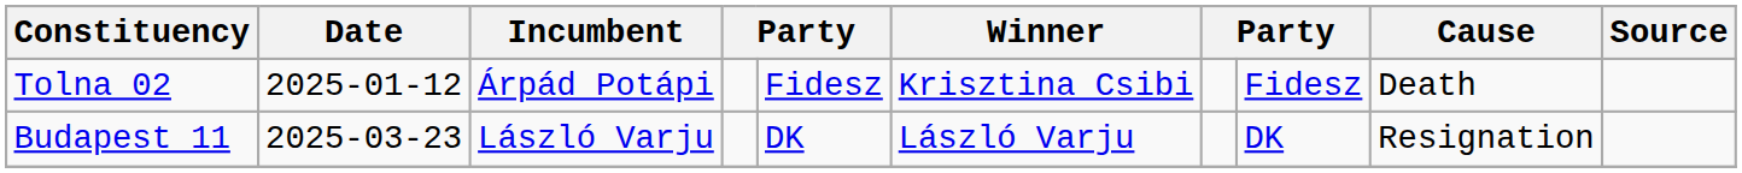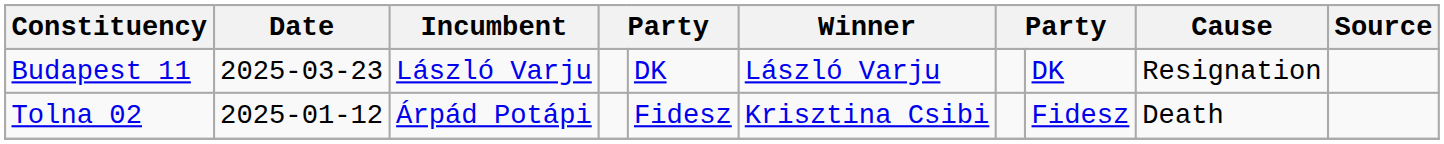 <table class="wikitable">
 <tr>
 <th>Constituency</th>
 <th>Date</th>
 <th>Incumbent</th>
 <th colspan=2>Party</th>
 <th>Winner</th>
 <th colspan=2>Party</th>
 <th>Cause</th>
 <th>Source</th>
+</tr>
+<tr>
+<td><a href='#'>Budapest 11</a></td>
+<td>2025-03-23</td>
+<td><a href='#'>László Varju</a></td>
+<td style="background-color:"> </td>
+<td><a href='#'>DK</a></td>
+<td><a href='#'>László Varju</a></td>
+<td style="background-color:"></td>
+<td><a href='#'>DK</a></td>
+<td>Resignation</td>
+<td></td>
 </tr>
 <tr>
 <td><a href='#'>Tolna 02</a></td>
 <td>2025-01-12</td>
 <td><a href='#'>Árpád Potápi</a></td>
 <td style="background-color:"> </td>
 <td><a href='#'>Fidesz</a></td>
 <td><a href='#'>Krisztina Csibi</a></td>
 <td style="background-color:"> </td>
 <td><a href='#'>Fidesz</a></td>
 <td>Death</td>
 <td></td>
 </tr>
 <tr>
-<td><a href='#'>Budapest 11</a></td>
-<td>2025-03-23</td>
-<td><a href='#'>László Varju</a></td>
-<td style="background-color:"> </td>
-<td><a href='#'>DK</a></td>
-<td><a href='#'>László Varju</a></td>
-<td style="background-color:"></td>
-<td><a href='#'>DK</a></td>
-<td>Resignation</td>
-<td></td>
-</tr>
-<tr>
 </tr>
 </table>
